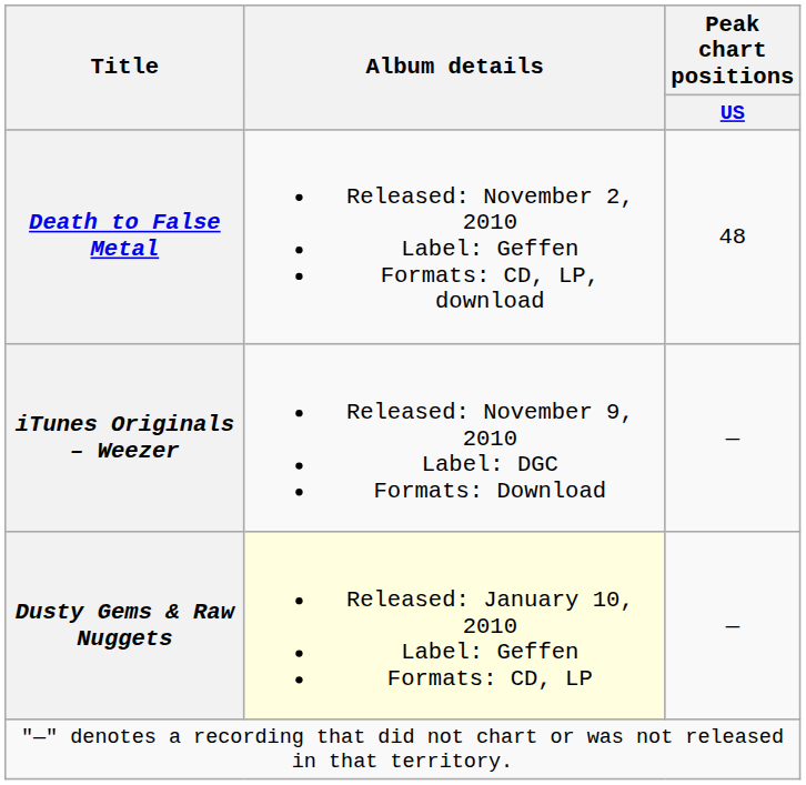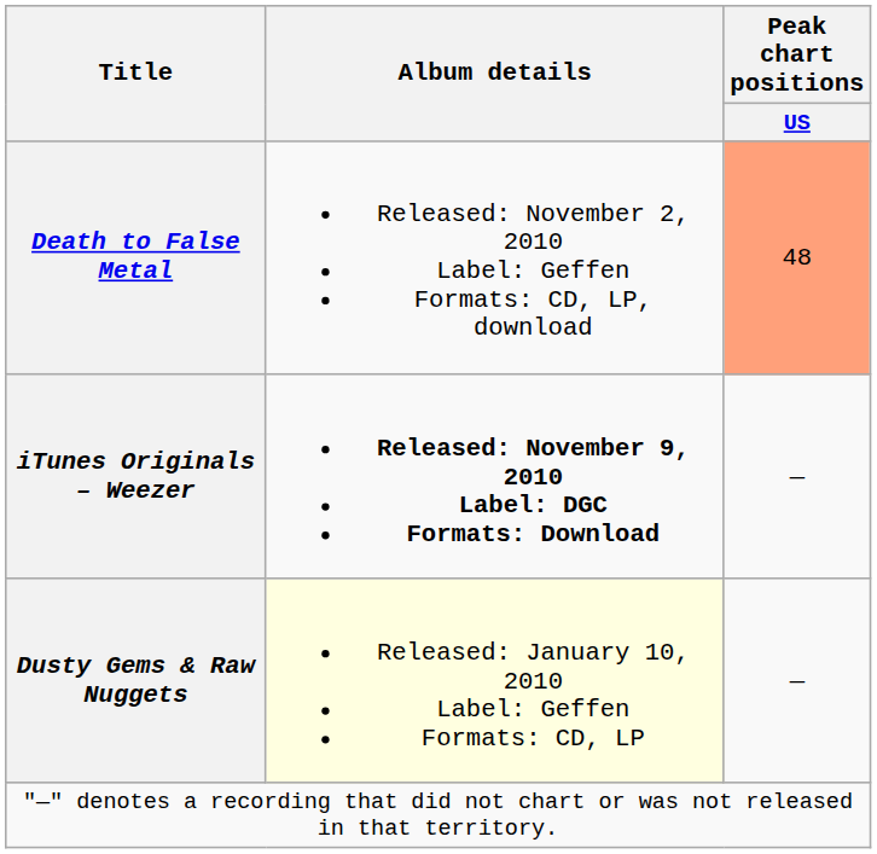 <table class="wikitable plainrowheaders" style="text-align:center;">
 <tr>
 <th scope="col" rowspan="2" style="width:10em;">Title</th>
 <th scope="col" rowspan="2" style="width:18em;">Album details</th>
 <th scope="col" colspan="1">Peak chart positions</th>
 </tr>
 <tr>
 <th scope="col" style="width:3em;font-size:90%;"><a href='#'>US</a><br></th>
 </tr>
 <tr>
 <th scope="row"><em><a href='#'>Death to False Metal</a></em></th>
 <td><br><ul><li>Released: November 2, 2010</li><li>Label: Geffen</li><li>Formats: CD, LP, download</li></ul></td>
-<td>48</td>
+<td style="background: lightsalmon;">48</td>
 </tr>
 <tr>
 <th scope="row"><em>iTunes Originals – Weezer</em></th>
-<td><br><ul><li>Released: November 9, 2010</li><li>Label: DGC</li><li>Formats: Download</li></ul></td>
+<td><strong><br><ul><li>Released: November 9, 2010</li><li>Label: DGC</li><li>Formats: Download</li></ul></strong></td>
 <td>—</td>
 </tr>
 <tr>
 <th scope="row"><em>Dusty Gems & Raw Nuggets</em></th>
 <td style="background: lightyellow;"><br><ul><li>Released: January 10, 2010</li><li>Label: Geffen</li><li>Formats: CD, LP</li></ul></td>
 <td>—</td>
 </tr>
 <tr>
 <td colspan="16" style="font-size:90%">"—" denotes a recording that did not chart or was not released in that territory.</td>
 </tr>
 </table>
